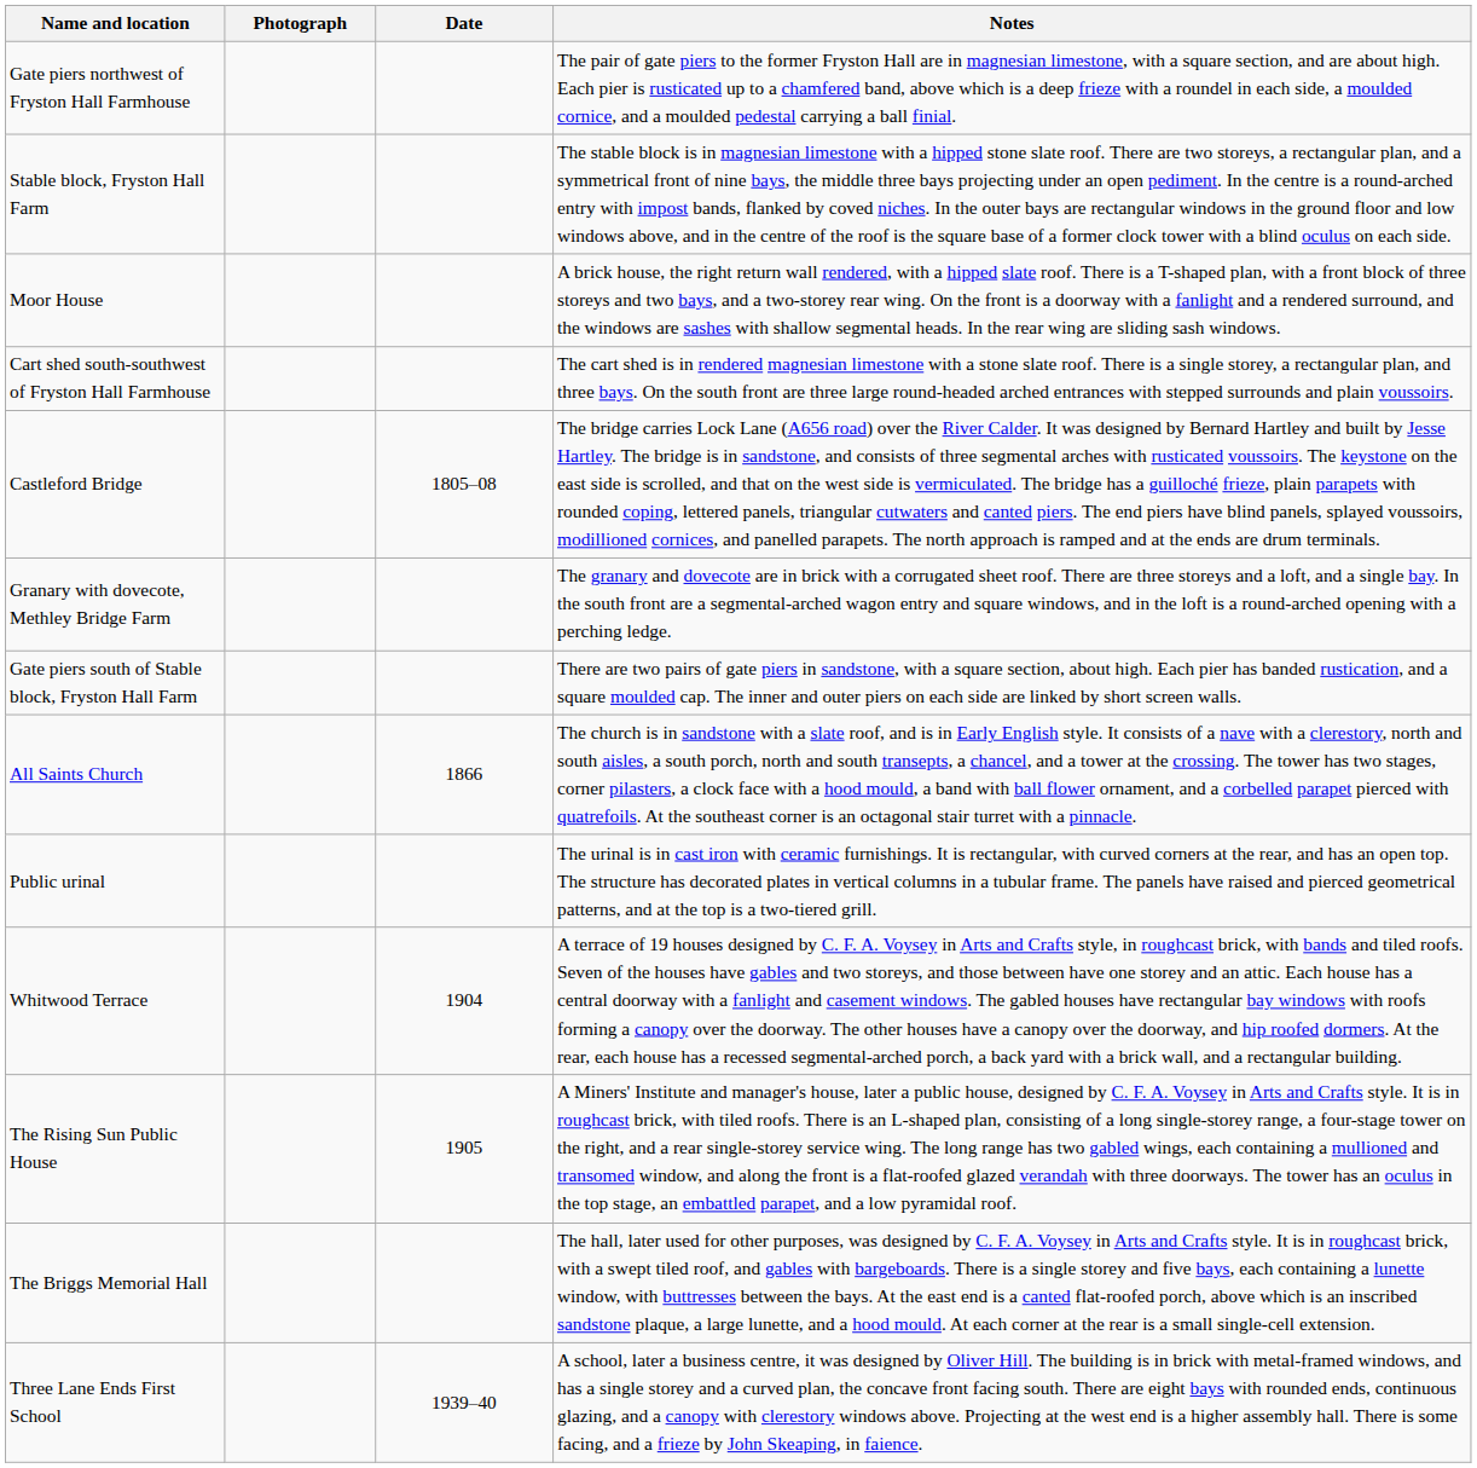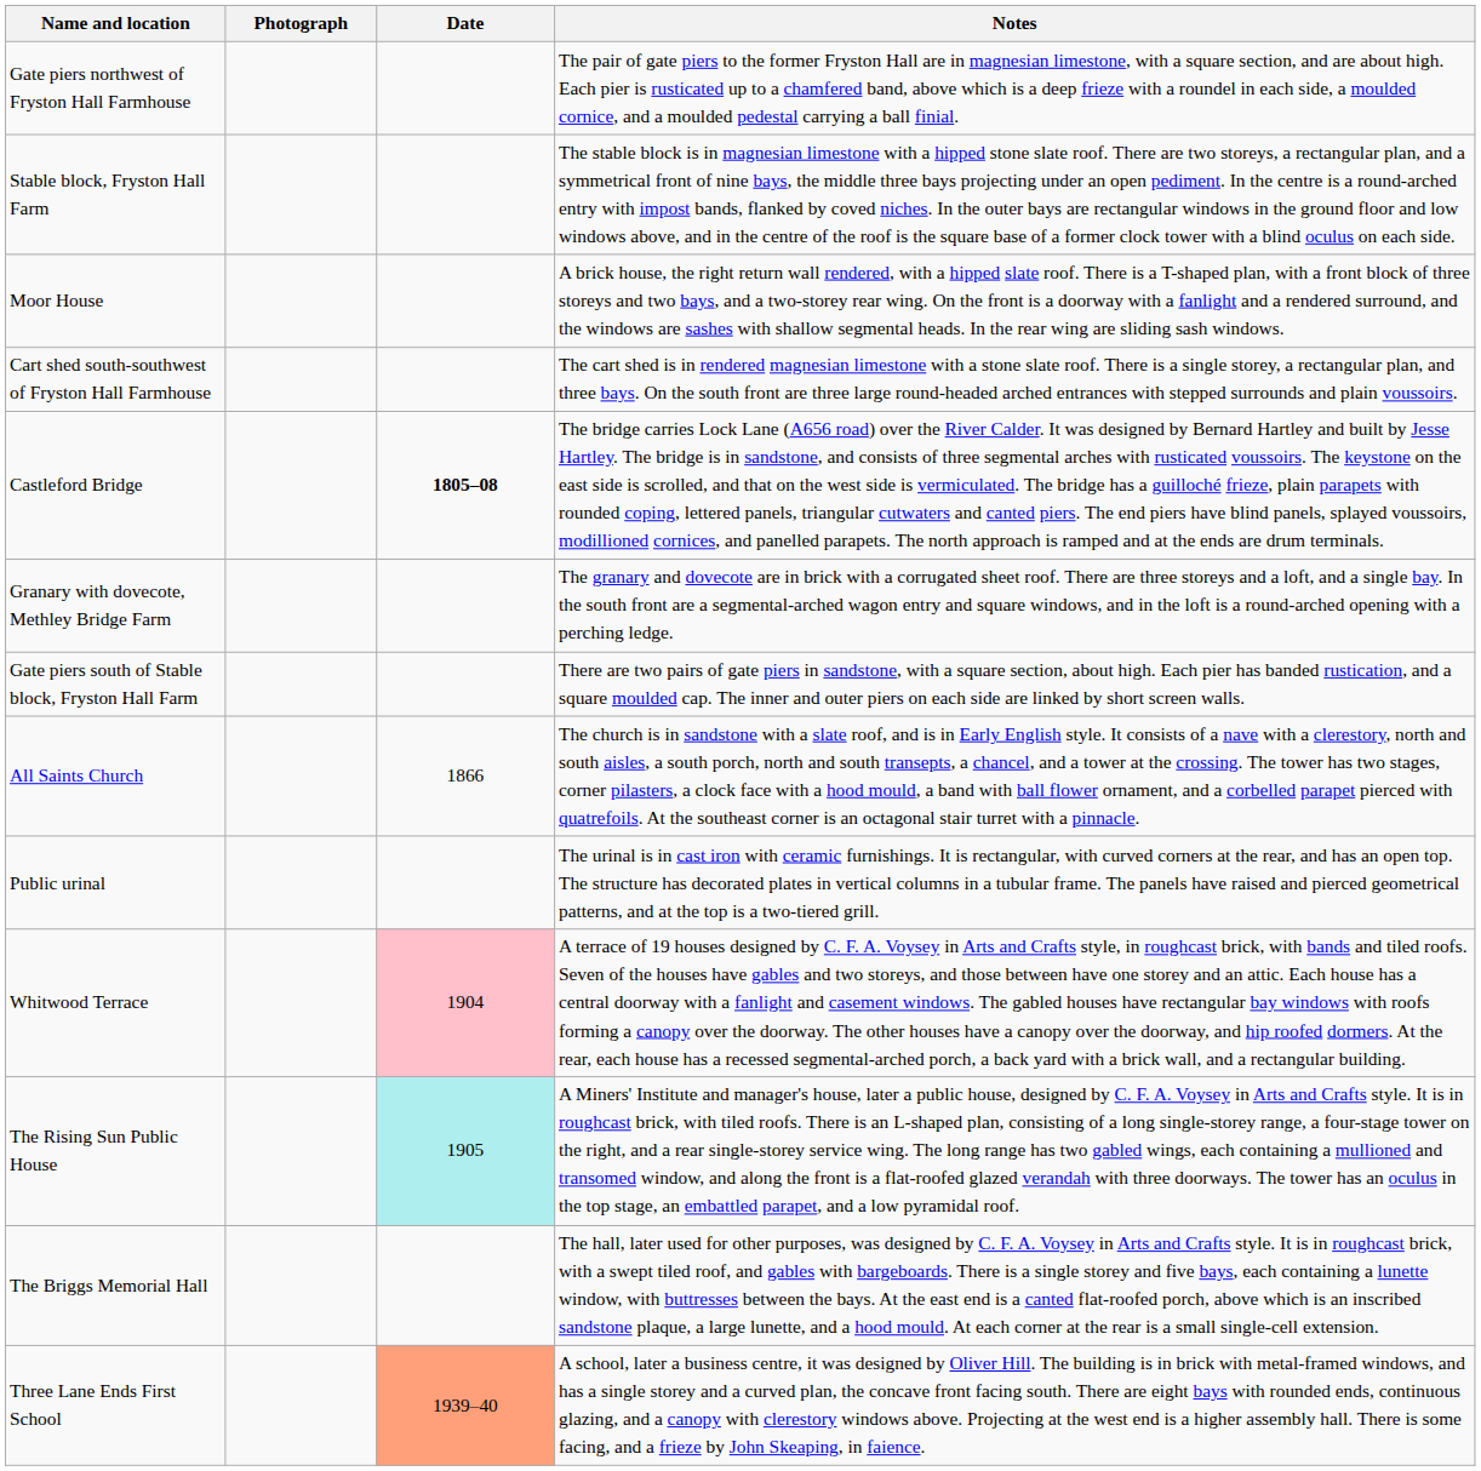 <table class="wikitable sortable plainrowheaders" style="width:100%;border:0px;text-align:left;line-height:150%;">
 <tr>
 <th scope="col"  style="width:150px">Name and location</th>
 <th scope="col"  style="width:100px" class="unsortable">Photograph</th>
 <th scope="col"  style="width:120px">Date</th>
 <th scope="col"  style="width:650px" class="unsortable">Notes</th>
 </tr>
 <tr>
 <td>Gate piers northwest of Fryston Hall Farmhouse<br><small></small></td>
 <td></td>
 <td align="center"></td>
 <td>The pair of gate <a href='#'>piers</a> to the former Fryston Hall are in <a href='#'>magnesian limestone</a>, with a square section, and are about  high.  Each pier is <a href='#'>rusticated</a> up to a <a href='#'>chamfered</a> band, above which is a deep <a href='#'>frieze</a> with a roundel in each side, a <a href='#'>moulded</a> <a href='#'>cornice</a>, and a moulded <a href='#'>pedestal</a> carrying a ball <a href='#'>finial</a>.</td>
 </tr>
 <tr>
 <td>Stable block, Fryston Hall Farm<br><small></small></td>
 <td></td>
 <td align="center"></td>
 <td>The stable block is in <a href='#'>magnesian limestone</a> with a <a href='#'>hipped</a> stone slate roof.  There are two storeys, a rectangular plan, and a symmetrical front of nine <a href='#'>bays</a>, the middle three bays projecting under an open <a href='#'>pediment</a>.  In the centre is a round-arched entry with <a href='#'>impost</a> bands, flanked by coved <a href='#'>niches</a>.  In the outer bays are rectangular windows in the ground floor and low windows above, and in the centre of the roof is the square base of a former clock tower with a blind <a href='#'>oculus</a> on each side.</td>
 </tr>
 <tr>
 <td>Moor House<br><small></small></td>
 <td></td>
 <td align="center"></td>
 <td>A brick house, the right return wall <a href='#'>rendered</a>, with a <a href='#'>hipped</a> <a href='#'>slate</a> roof.  There is a T-shaped plan, with a front block of three storeys and two <a href='#'>bays</a>, and a two-storey rear wing.  On the front is a doorway with a <a href='#'>fanlight</a> and a rendered surround, and the windows are <a href='#'>sashes</a> with shallow segmental heads.  In the rear wing are sliding sash windows.</td>
 </tr>
 <tr>
 <td>Cart shed south-southwest of Fryston Hall Farmhouse<br><small></small></td>
 <td></td>
 <td align="center"></td>
 <td>The cart shed is in <a href='#'>rendered</a> <a href='#'>magnesian limestone</a> with a stone slate roof.  There is a single storey, a rectangular plan, and three <a href='#'>bays</a>.  On the south front are three large round-headed arched entrances with stepped surrounds and plain <a href='#'>voussoirs</a>.</td>
 </tr>
 <tr>
 <td>Castleford Bridge<br><small></small></td>
 <td></td>
-<td align="center">1805–08</td>
+<td align="center"><strong>1805–08</strong></td>
 <td>The bridge carries Lock Lane (<a href='#'>A656 road</a>) over the <a href='#'>River Calder</a>.  It was designed by Bernard Hartley and built by <a href='#'>Jesse Hartley</a>.  The bridge is in <a href='#'>sandstone</a>, and consists of three segmental arches with <a href='#'>rusticated</a> <a href='#'>voussoirs</a>.  The <a href='#'>keystone</a> on the east side is scrolled, and that on the west side is <a href='#'>vermiculated</a>.  The bridge has a <a href='#'>guilloché</a> <a href='#'>frieze</a>, plain <a href='#'>parapets</a> with rounded <a href='#'>coping</a>, lettered panels, triangular <a href='#'>cutwaters</a> and <a href='#'>canted</a> <a href='#'>piers</a>.  The end piers have blind panels, splayed voussoirs, <a href='#'>modillioned</a> <a href='#'>cornices</a>, and panelled parapets.  The north approach is ramped and at the ends are drum terminals.</td>
 </tr>
 <tr>
 <td>Granary with dovecote,<br>Methley Bridge Farm<br><small></small></td>
 <td></td>
 <td align="center"></td>
 <td>The <a href='#'>granary</a> and <a href='#'>dovecote</a> are in brick with a corrugated sheet roof.  There are three storeys and a loft, and a single <a href='#'>bay</a>.  In the south front are a segmental-arched wagon entry and square windows, and in the loft is a round-arched opening with a perching ledge.</td>
 </tr>
 <tr>
 <td>Gate piers south of Stable block, Fryston Hall Farm<br><small></small></td>
 <td></td>
 <td align="center"></td>
 <td>There are two pairs of gate <a href='#'>piers</a> in <a href='#'>sandstone</a>, with a square section, about  high.  Each pier has banded <a href='#'>rustication</a>, and a square <a href='#'>moulded</a> cap.  The inner and outer piers on each side are linked by short screen walls.</td>
 </tr>
 <tr>
 <td><a href='#'>All Saints Church</a><br><small></small></td>
 <td></td>
 <td align="center">1866</td>
 <td>The church is in <a href='#'>sandstone</a> with a <a href='#'>slate</a> roof, and is in <a href='#'>Early English</a> style.  It consists of a <a href='#'>nave</a> with a <a href='#'>clerestory</a>, north and south <a href='#'>aisles</a>, a south porch, north and south <a href='#'>transepts</a>, a <a href='#'>chancel</a>, and a tower at the <a href='#'>crossing</a>.  The tower has two stages, corner <a href='#'>pilasters</a>, a clock face with a <a href='#'>hood mould</a>, a band with <a href='#'>ball flower</a> ornament, and a <a href='#'>corbelled</a> <a href='#'>parapet</a> pierced with <a href='#'>quatrefoils</a>.  At the southeast corner is an octagonal stair turret with a <a href='#'>pinnacle</a>.</td>
 </tr>
 <tr>
 <td>Public urinal<br><small></small></td>
 <td></td>
 <td align="center"></td>
 <td>The urinal is in <a href='#'>cast iron</a> with <a href='#'>ceramic</a> furnishings.  It is rectangular, with curved corners at the rear, and has an open top.  The structure has decorated plates in vertical columns in a tubular frame.  The panels have raised and pierced geometrical patterns, and at the top is a two-tiered grill.</td>
 </tr>
 <tr>
 <td>Whitwood Terrace<br><small></small></td>
 <td></td>
-<td align="center">1904</td>
+<td align="center" style="background: pink;">1904</td>
 <td>A terrace of 19 houses designed by <a href='#'>C. F. A. Voysey</a> in <a href='#'>Arts and Crafts</a> style, in <a href='#'>roughcast</a> brick, with <a href='#'>bands</a> and tiled roofs. Seven of the houses have <a href='#'>gables</a> and two storeys, and those between have one storey and an attic.  Each house has a central doorway with a <a href='#'>fanlight</a> and <a href='#'>casement windows</a>.  The gabled houses have rectangular <a href='#'>bay windows</a> with roofs forming a <a href='#'>canopy</a> over the doorway.  The other houses have a canopy over the doorway, and <a href='#'>hip roofed</a> <a href='#'>dormers</a>.  At the rear, each house has a recessed segmental-arched porch, a back yard with a brick wall, and a rectangular building.</td>
 </tr>
 <tr>
 <td>The Rising Sun Public House<br><small></small></td>
 <td></td>
-<td align="center">1905</td>
+<td align="center" style="background: paleturquoise;">1905</td>
 <td>A Miners' Institute and manager's house, later a public house, designed by <a href='#'>C. F. A. Voysey</a> in <a href='#'>Arts and Crafts</a> style.  It is in <a href='#'>roughcast</a> brick, with tiled roofs.  There is an L-shaped plan, consisting of a long single-storey range, a four-stage tower on the right, and a rear single-storey service wing.  The long range has two <a href='#'>gabled</a> wings, each containing a <a href='#'>mullioned</a> and <a href='#'>transomed</a> window, and along the front is a flat-roofed glazed <a href='#'>verandah</a> with three doorways.  The tower has an <a href='#'>oculus</a> in the top stage, an <a href='#'>embattled</a> <a href='#'>parapet</a>, and a low pyramidal roof.</td>
 </tr>
 <tr>
 <td>The Briggs Memorial Hall<br><small></small></td>
 <td></td>
 <td align="center"></td>
 <td>The hall, later used for other purposes, was designed by <a href='#'>C. F. A. Voysey</a> in <a href='#'>Arts and Crafts</a> style.  It is in <a href='#'>roughcast</a> brick, with a swept tiled roof, and <a href='#'>gables</a> with <a href='#'>bargeboards</a>.  There is a single storey and five <a href='#'>bays</a>, each containing a <a href='#'>lunette</a> window, with <a href='#'>buttresses</a> between the bays.  At the east end is a <a href='#'>canted</a> flat-roofed porch, above which is an inscribed <a href='#'>sandstone</a> plaque, a large lunette, and a <a href='#'>hood mould</a>.  At each corner at the rear is a small single-cell extension.</td>
 </tr>
 <tr>
 <td>Three Lane Ends First School<br><small></small></td>
 <td></td>
-<td align="center">1939–40</td>
+<td align="center" style="background: lightsalmon;">1939–40</td>
 <td>A school, later a business centre, it was designed by <a href='#'>Oliver Hill</a>.  The building is in brick with metal-framed windows, and has a single storey and a curved plan, the concave front facing south.  There are eight <a href='#'>bays</a> with rounded ends, continuous glazing, and a <a href='#'>canopy</a> with <a href='#'>clerestory</a> windows above.  Projecting at the west end is a higher assembly hall.  There is some facing, and a <a href='#'>frieze</a> by <a href='#'>John Skeaping</a>, in <a href='#'>faience</a>.</td>
 </tr>
 <tr>
 </tr>
 </table>
